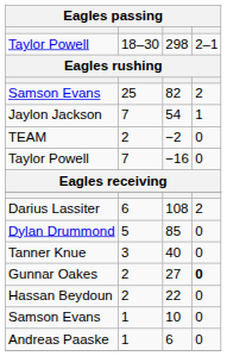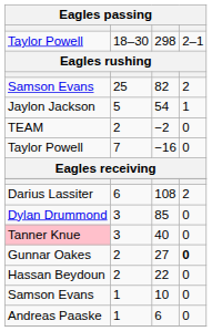 <table class="wikitable plainrowheaders">
 <tr>
 <th colspan="6">Eagles passing</th>
 </tr>
 <tr>
 <th scope="col"></th>
 <th scope="col"></th>
 <th scope="col"></th>
 <th scope="col"></th>
 </tr>
 <tr>
 <td><a href='#'>Taylor Powell</a></td>
 <td>18–30</td>
 <td>298</td>
 <td>2–1</td>
 </tr>
 <tr>
 <th colspan="6">Eagles rushing</th>
 </tr>
 <tr>
 <th scope="col"></th>
 <th scope="col"></th>
 <th scope="col"></th>
 <th scope="col"></th>
 </tr>
 <tr>
 <td><a href='#'>Samson Evans</a></td>
 <td>25</td>
 <td>82</td>
 <td>2</td>
 </tr>
 <tr>
 <td>Jaylon Jackson</td>
-<td>7</td>
+<td>5</td>
 <td>54</td>
 <td>1</td>
 </tr>
 <tr>
 <td>TEAM</td>
 <td>2</td>
 <td>−2</td>
 <td>0</td>
 </tr>
 <tr>
 <td>Taylor Powell</td>
 <td>7</td>
 <td>−16</td>
 <td>0</td>
 </tr>
 <tr>
 <th colspan="6">Eagles receiving</th>
 </tr>
 <tr>
 </tr>
 <tr>
 <th scope="col"></th>
 <th scope="col"></th>
 <th scope="col"></th>
 <th scope="col"></th>
 </tr>
 <tr>
 <td>Darius Lassiter</td>
 <td>6</td>
 <td>108</td>
 <td>2</td>
 </tr>
 <tr>
 <td><a href='#'>Dylan Drummond</a></td>
-<td>5</td>
+<td>3</td>
 <td>85</td>
 <td>0</td>
 </tr>
 <tr>
-<td>Tanner Knue</td>
+<td style="background: pink;">Tanner Knue</td>
 <td>3</td>
 <td>40</td>
 <td>0</td>
 </tr>
 <tr>
 <td>Gunnar Oakes</td>
 <td>2</td>
 <td>27</td>
 <td><strong>0</strong></td>
 </tr>
 <tr>
 <td>Hassan Beydoun</td>
 <td>2</td>
 <td>22</td>
 <td>0</td>
 </tr>
 <tr>
 <td>Samson Evans</td>
 <td>1</td>
 <td>10</td>
 <td>0</td>
 </tr>
 <tr>
 <td>Andreas Paaske</td>
 <td>1</td>
 <td>6</td>
 <td>0</td>
 </tr>
 <tr>
 </tr>
 </table>
